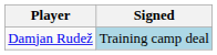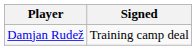 <table class="wikitable sortable sortable">
 <tr>
 <th>Player</th>
 <th>Signed</th>
 </tr>
 <tr style="text-align: center">
 <td><a href='#'>Damjan Rudež</a></td>
-<td style="background: lightblue;">Training camp deal</td>
+<td>Training camp deal</td>
 </tr>
 </table>
